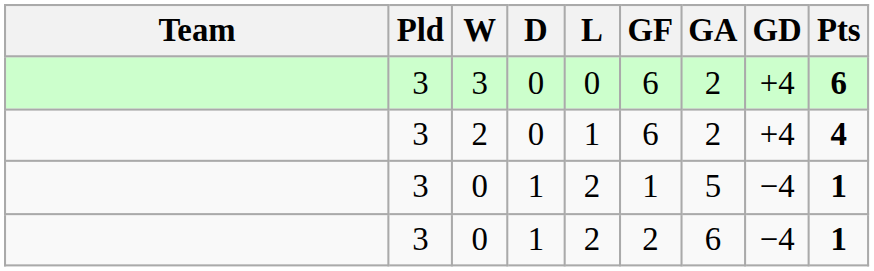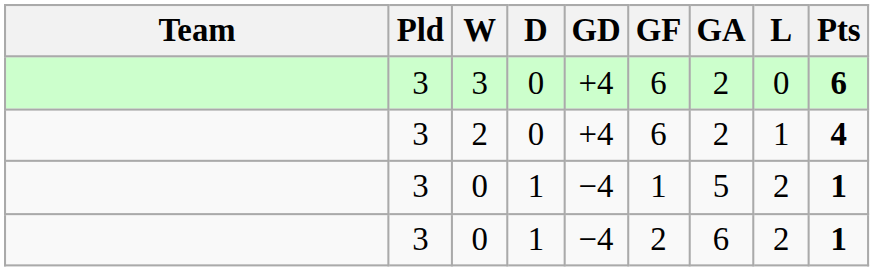 <table class="wikitable" style="text-align:center;">
 <tr>
 <th width=180>Team</th>
 <th width=20>Pld</th>
 <th width=20>W</th>
 <th width=20>D</th>
-<th width=20>L</th>
+<th width=20>GD</th>
 <th width=20>GF</th>
 <th width=20>GA</th>
-<th width=20>GD</th>
+<th width=20>L</th>
 <th width=20>Pts</th>
 </tr>
 <tr bgcolor="ccffcc">
 <td align="left"></td>
 <td>3</td>
 <td>3</td>
 <td>0</td>
-<td>0</td>
+<td>+4</td>
 <td>6</td>
 <td>2</td>
-<td>+4</td>
+<td>0</td>
 <td><strong>6</strong></td>
 </tr>
 <tr>
 <td align="left"></td>
 <td>3</td>
 <td>2</td>
 <td>0</td>
-<td>1</td>
+<td>+4</td>
 <td>6</td>
 <td>2</td>
-<td>+4</td>
+<td>1</td>
 <td><strong>4</strong></td>
 </tr>
 <tr>
 <td align="left"></td>
 <td>3</td>
 <td>0</td>
 <td>1</td>
-<td>2</td>
+<td>−4</td>
 <td>1</td>
 <td>5</td>
-<td>−4</td>
+<td>2</td>
 <td><strong>1</strong></td>
 </tr>
 <tr>
 <td align="left"></td>
 <td>3</td>
 <td>0</td>
 <td>1</td>
-<td>2</td>
+<td>−4</td>
 <td>2</td>
 <td>6</td>
-<td>−4</td>
+<td>2</td>
 <td><strong>1</strong></td>
 </tr>
 </table>
